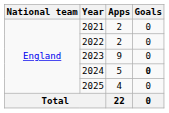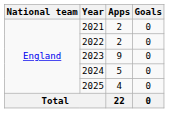 <table class="wikitable" style="text-align:center">
 <tr>
 <th>National team</th>
 <th>Year</th>
 <th>Apps</th>
 <th>Goals</th>
 </tr>
 <tr>
 <td rowspan="5"><a href='#'>England</a></td>
 <td>2021</td>
 <td>2</td>
 <td>0</td>
 </tr>
 <tr>
 <td>2022</td>
 <td>2</td>
 <td>0</td>
 </tr>
 <tr>
 <td>2023</td>
 <td>9</td>
 <td>0</td>
 </tr>
 <tr>
 <td>2024</td>
 <td>5</td>
-<td><strong>0</strong></td>
+<td>0</td>
 </tr>
 <tr>
 <td>2025</td>
 <td>4</td>
 <td>0</td>
 </tr>
 <tr>
 <th colspan="2">Total</th>
 <th>22</th>
 <th>0</th>
 </tr>
 </table>
